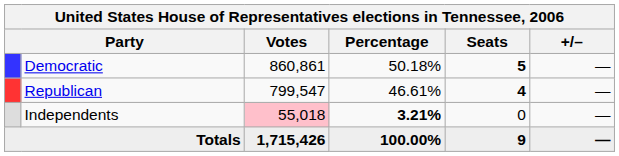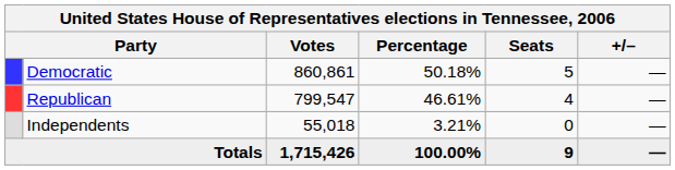 <table class="wikitable" style="font-size: 95%;">
 <tr>
 <th colspan="6">United States House of Representatives elections in Tennessee, 2006</th>
 </tr>
 <tr>
 <th colspan=2 style="width: 15em">Party</th>
 <th style="width: 5em">Votes</th>
 <th style="width: 7em">Percentage</th>
 <th style="width: 5em">Seats</th>
 <th style="width: 5em">+/–</th>
 </tr>
 <tr>
 <th style="background-color:#3333FF; width: 3px"></th>
 <td style="width: 130px"><a href='#'>Democratic</a></td>
 <td align="right">860,861</td>
 <td align="right">50.18%</td>
-<td align="right"><strong>5</strong></td>
+<td align="right">5</td>
 <td align="right">—</td>
 </tr>
 <tr>
 <th style="background-color:#FF3333; width: 3px"></th>
 <td style="width: 130px"><a href='#'>Republican</a></td>
 <td align="right">799,547</td>
 <td align="right">46.61%</td>
-<td align="right"><strong>4</strong></td>
+<td align="right">4</td>
 <td align="right">—</td>
 </tr>
 <tr>
 <th style="background-color:#DDDDDD; width: 3px"></th>
 <td style="width: 130px">Independents</td>
-<td align="right" style="background: pink;">55,018</td>
-<td align="right"><strong>3.21%</strong></td>
+<td align="right">55,018</td>
+<td align="right">3.21%</td>
 <td align="right">0</td>
 <td align="right">—</td>
 </tr>
 <tr bgcolor="#EEEEEE">
 <td colspan="2" align="right"><strong>Totals</strong></td>
 <td align="right"><strong>1,715,426</strong></td>
 <td align="right"><strong>100.00%</strong></td>
 <td align="right"><strong>9</strong></td>
 <td align="right"><strong>—</strong></td>
 </tr>
 </table>
